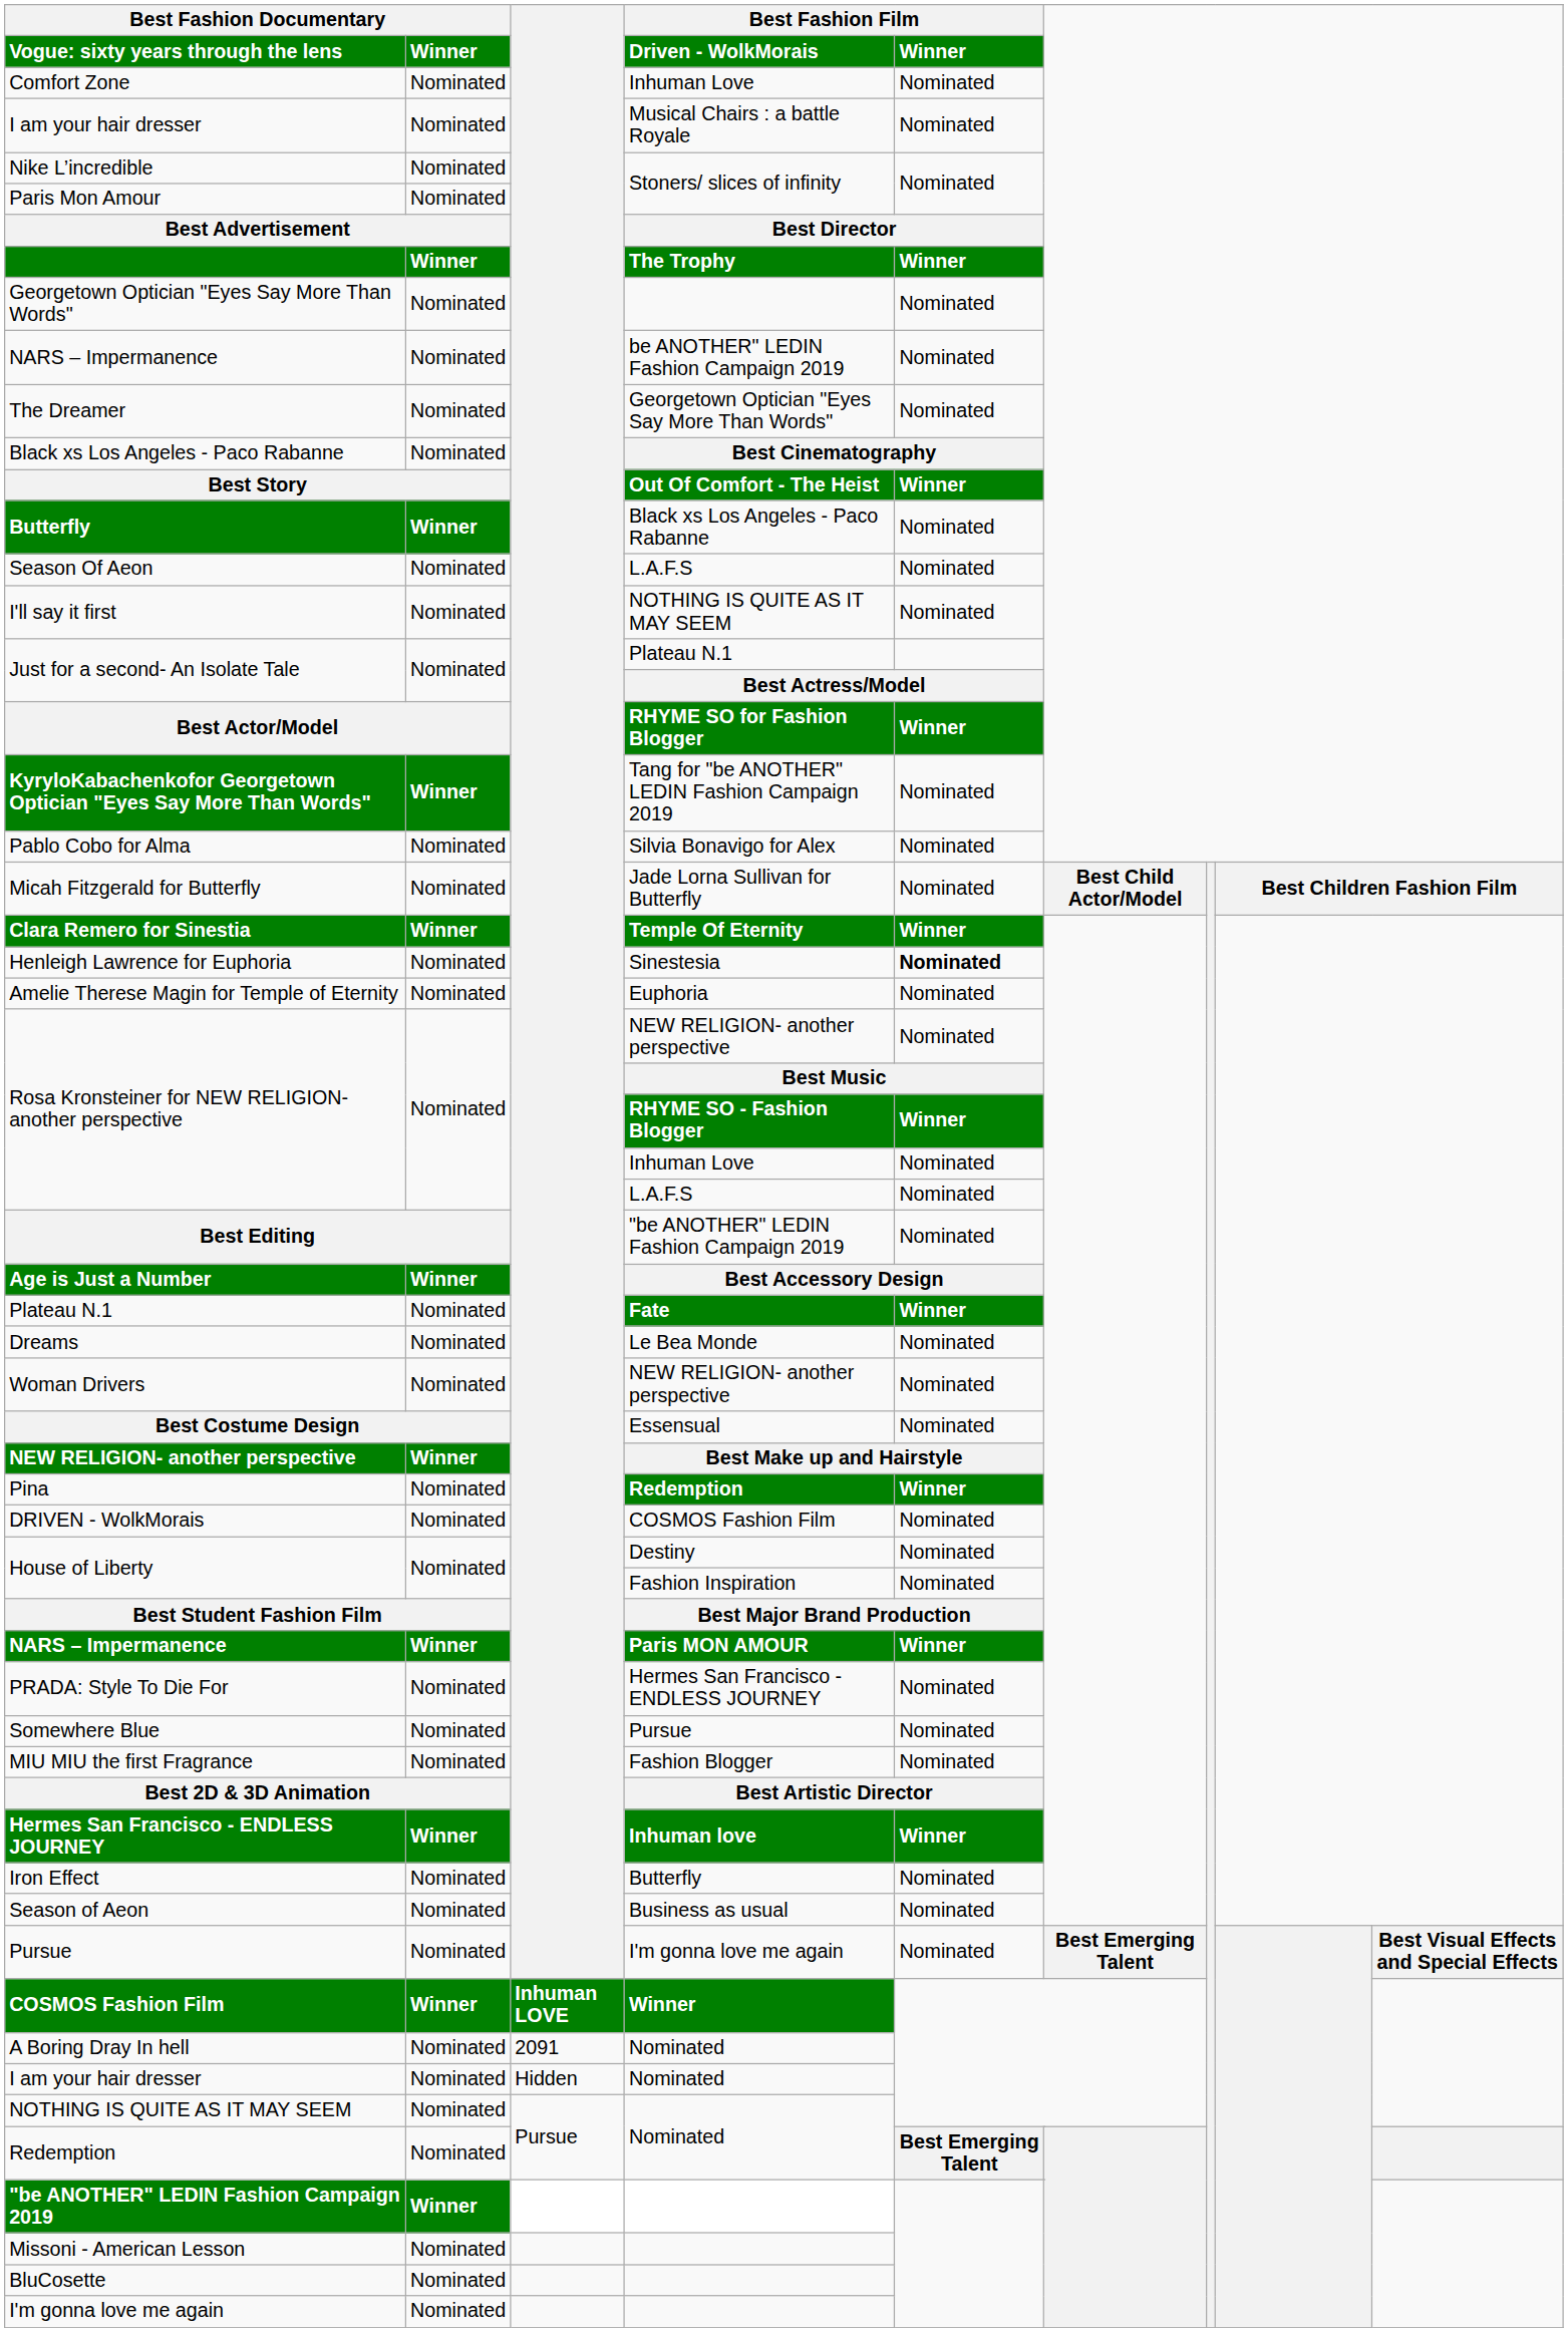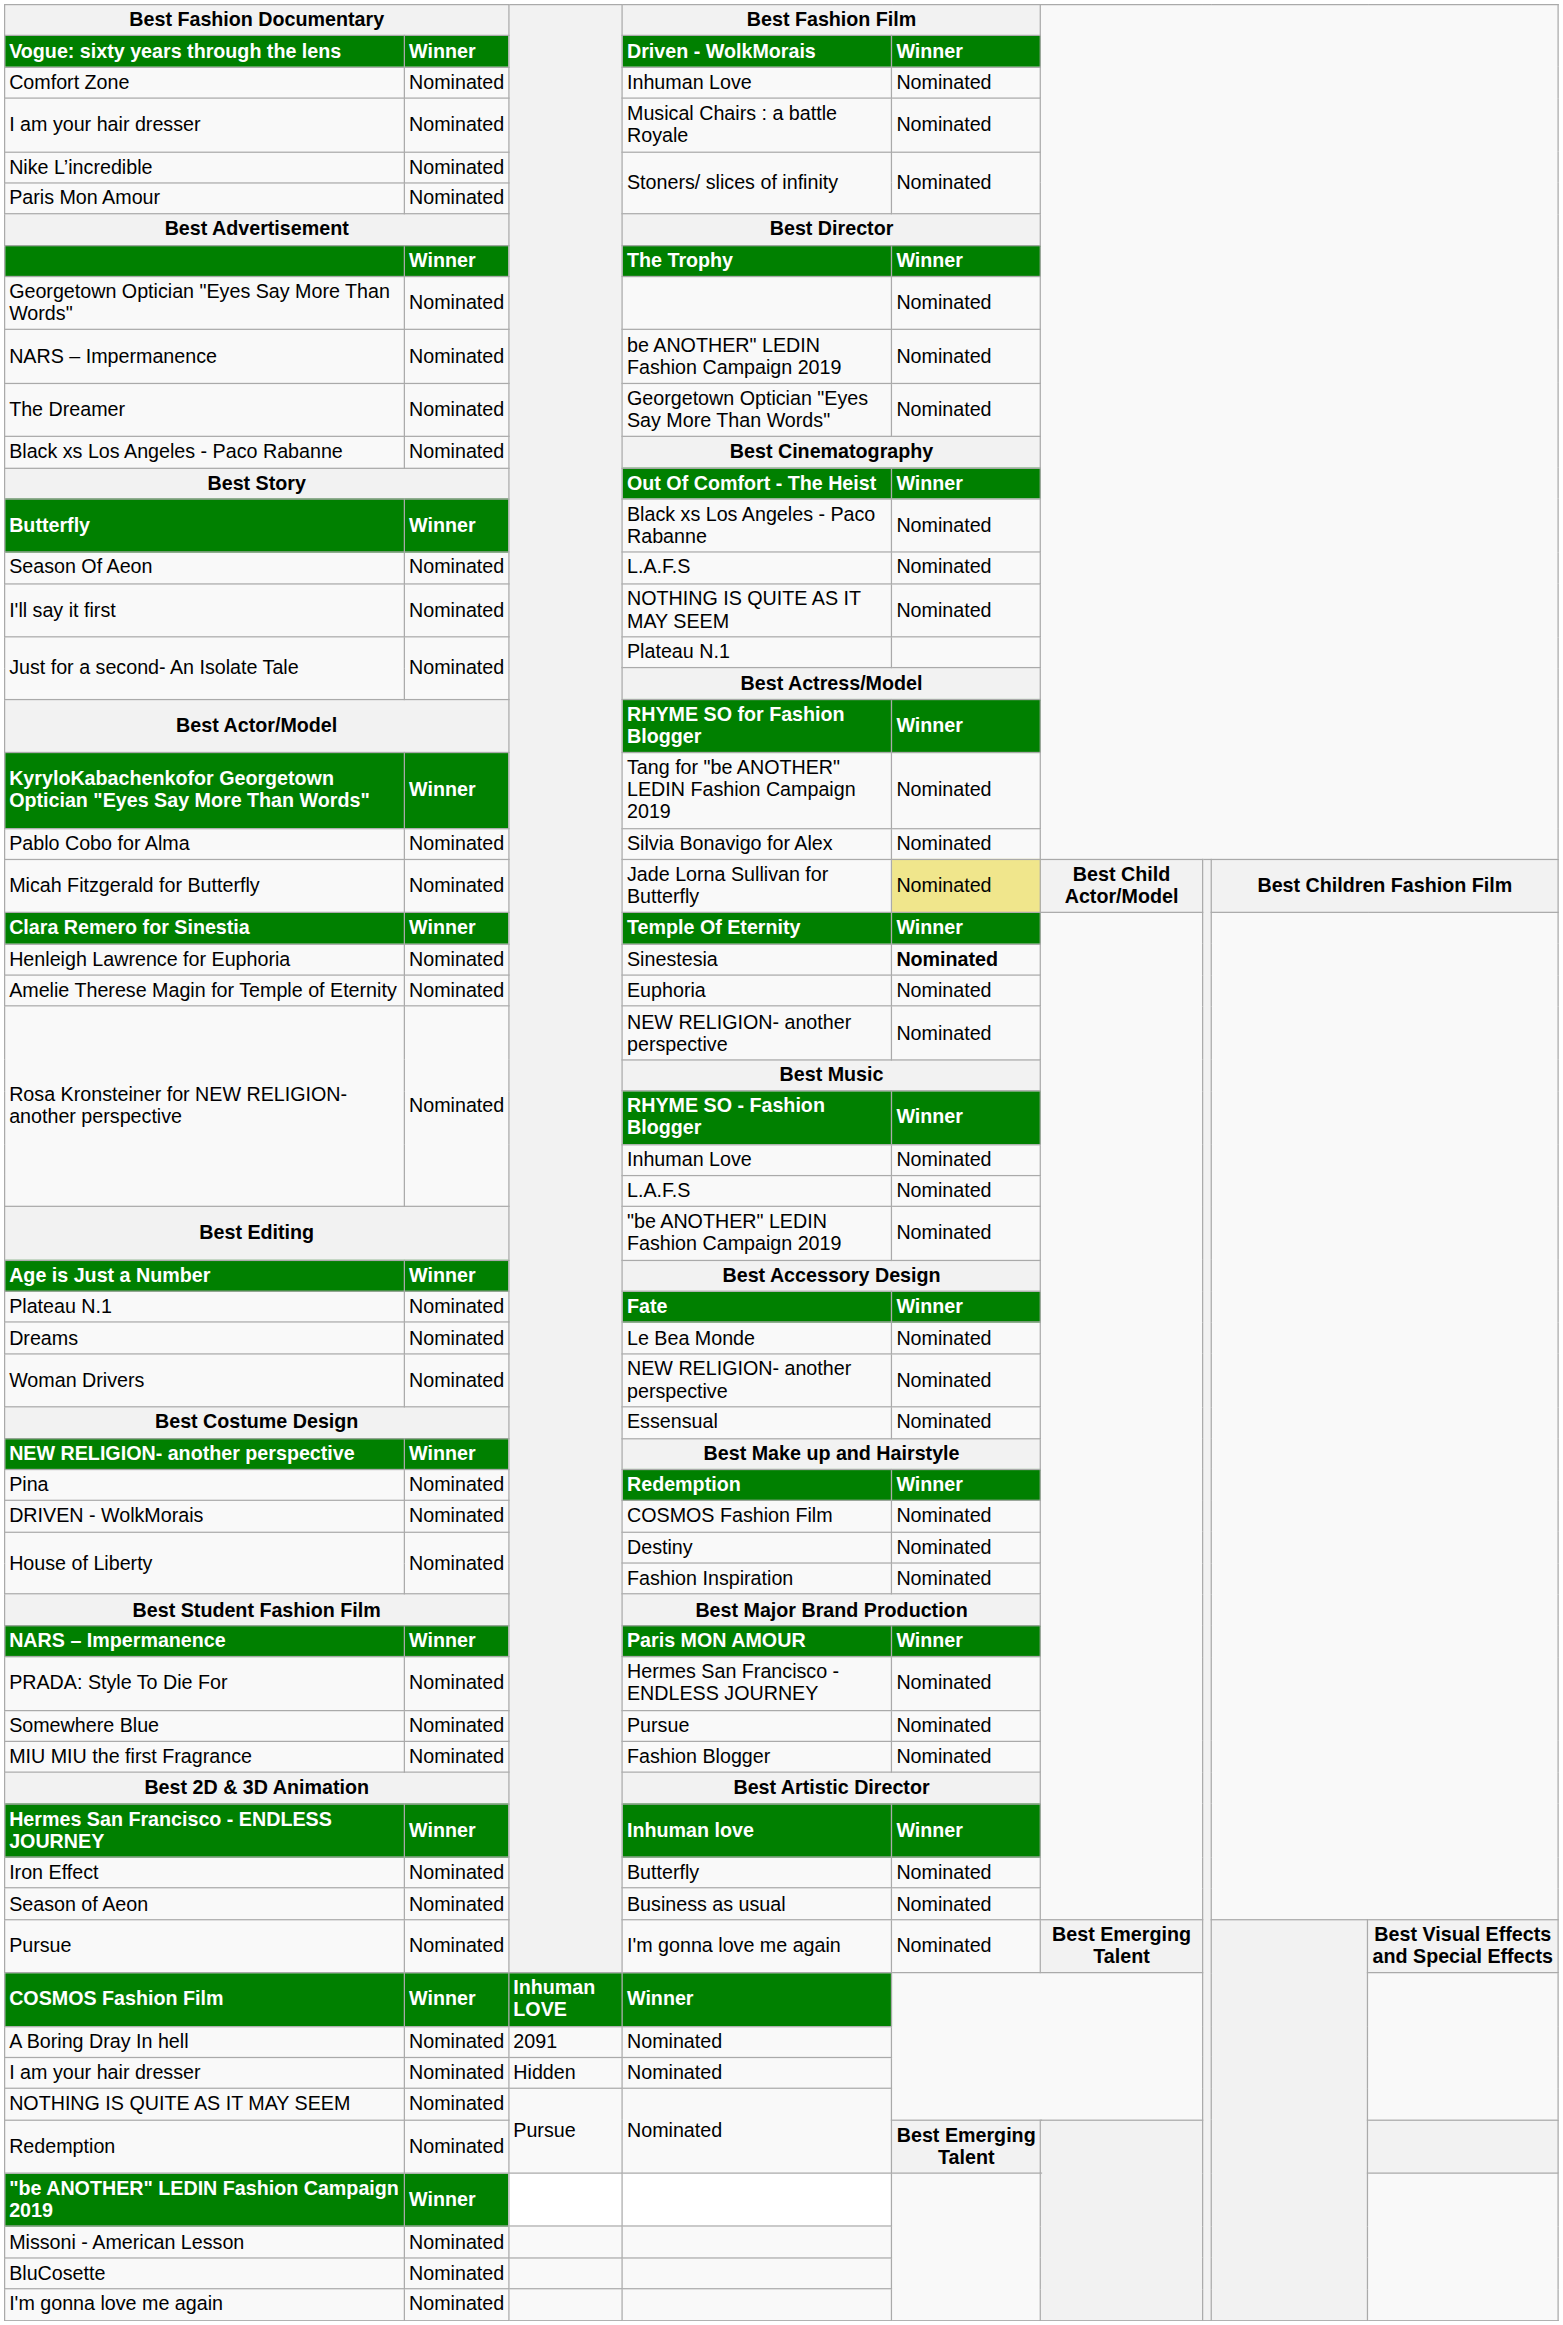 <table class="wikitable" style="width: 100%">
 <tr>
 <th colspan="2">Best Fashion Documentary</th>
 <th rowspan="51"></th>
 <th colspan="2">Best Fashion Film</th>
 </tr>
 <tr>
 <td style="background: green;color: white;"><strong>Vogue: sixty years through the lens</strong></td>
 <td style="background: green;color: white;"><strong>Winner</strong></td>
 <td style="background: green;color: white;"><strong>Driven - WolkMorais</strong></td>
 <td style="background: green;color: white;"><strong>Winner</strong></td>
 </tr>
 <tr>
 <td>Comfort Zone</td>
 <td>Nominated</td>
 <td>Inhuman Love</td>
 <td>Nominated</td>
 </tr>
 <tr>
 <td>I am your hair dresser</td>
 <td>Nominated</td>
 <td>Musical Chairs : a battle Royale</td>
 <td>Nominated</td>
 </tr>
 <tr>
 <td>Nike L’incredible</td>
 <td>Nominated</td>
 <td rowspan="2">Stoners/ slices of infinity</td>
 <td rowspan="2">Nominated</td>
 </tr>
 <tr>
 <td>Paris Mon Amour</td>
 <td>Nominated</td>
 </tr>
 <tr>
 <th colspan="2">Best Advertisement</th>
 <th colspan="2">Best Director</th>
 </tr>
 <tr>
 <td style="background: green;color: white;"><strong></strong></td>
 <td style="background: green;color: white;"><strong>Winner</strong></td>
 <td style="background: green;color: white;"><strong>The Trophy</strong></td>
 <td style="background: green;color: white;"><strong>Winner</strong></td>
 </tr>
 <tr>
 <td>Georgetown Optician "Eyes Say More Than Words"</td>
 <td>Nominated</td>
 <td></td>
 <td>Nominated</td>
 </tr>
 <tr>
 <td>NARS – Impermanence</td>
 <td>Nominated</td>
 <td>be ANOTHER" LEDIN Fashion Campaign 2019</td>
 <td>Nominated</td>
 </tr>
 <tr>
 <td>The Dreamer</td>
 <td>Nominated</td>
 <td>Georgetown Optician "Eyes Say More Than Words"</td>
 <td>Nominated</td>
 </tr>
 <tr>
 <td>Black xs Los Angeles - Paco Rabanne</td>
 <td>Nominated</td>
 <th colspan="2">Best Cinematography</th>
 </tr>
 <tr>
 <th colspan="2">Best Story</th>
 <td style="background: green;color: white;"><strong>Out Of Comfort - The Heist</strong></td>
 <td style="background: green;color: white;"><strong>Winner</strong></td>
 </tr>
 <tr>
 <td style="background: green;color: white;"><strong>Butterfly</strong></td>
 <td style="background: green;color: white;"><strong>Winner</strong></td>
 <td>Black xs Los Angeles - Paco Rabanne</td>
 <td>Nominated</td>
 </tr>
 <tr>
 <td>Season Of Aeon</td>
 <td>Nominated</td>
 <td>L.A.F.S</td>
 <td>Nominated</td>
 </tr>
 <tr>
 <td>I'll say it first</td>
 <td>Nominated</td>
 <td>NOTHING IS QUITE AS IT MAY SEEM</td>
 <td>Nominated</td>
 </tr>
 <tr>
 <td rowspan="2">Just for a second- An Isolate Tale</td>
 <td rowspan="2">Nominated</td>
 <td>Plateau N.1</td>
 <td></td>
 </tr>
 <tr>
 <th colspan="2">Best Actress/Model</th>
 </tr>
 <tr>
 <th colspan="2">Best Actor/Model</th>
 <td style="background: green;color: white;"><strong>RHYME SO for Fashion Blogger</strong></td>
 <td style="background: green;color: white;"><strong>Winner</strong></td>
 </tr>
 <tr>
 <td style="background: green;color: white;"><strong>KyryloKabachenkofor Georgetown Optician "Eyes Say More Than Words"</strong></td>
 <td style="background: green;color: white;"><strong>Winner</strong></td>
 <td>Tang for "be ANOTHER" LEDIN Fashion Campaign 2019</td>
 <td>Nominated</td>
 </tr>
 <tr>
 <td>Pablo Cobo for Alma</td>
 <td>Nominated</td>
 <td>Silvia Bonavigo for Alex</td>
 <td>Nominated</td>
 </tr>
 <tr>
 <td>Micah Fitzgerald for Butterfly</td>
 <td>Nominated</td>
 <td>Jade Lorna Sullivan for Butterfly</td>
-<td>Nominated</td>
+<td style="background: khaki;">Nominated</td>
 <th colspan="2">Best Child Actor/Model</th>
 <th rowspan="45"></th>
 <th colspan="2">Best Children Fashion Film</th>
 </tr>
 <tr>
 <td style="background: green;color: white;"><strong>Clara Remero for Sinestia</strong></td>
 <td style="background: green;color: white;"><strong>Winner</strong></td>
 <td style="background: green;color: white;"><strong>Temple Of Eternity</strong></td>
 <td style="background: green;color: white;"><strong>Winner</strong></td>
 </tr>
 <tr>
 <td>Henleigh Lawrence for Euphoria</td>
 <td>Nominated</td>
 <td>Sinestesia</td>
 <td><strong>Nominated</strong></td>
 </tr>
 <tr>
 <td>Amelie Therese Magin for Temple of Eternity</td>
 <td>Nominated</td>
 <td>Euphoria</td>
 <td>Nominated</td>
 </tr>
 <tr>
 <td rowspan="5">Rosa Kronsteiner for NEW RELIGION- another perspective</td>
 <td rowspan="5">Nominated</td>
 <td>NEW RELIGION- another perspective</td>
 <td>Nominated</td>
 </tr>
 <tr>
 <th colspan="2">Best Music</th>
 </tr>
 <tr>
 <td style="background: green;color: white;"><strong>RHYME SO - Fashion Blogger</strong></td>
 <td style="background: green;color: white;"><strong>Winner</strong></td>
 </tr>
 <tr>
 <td>Inhuman Love</td>
 <td>Nominated</td>
 </tr>
 <tr>
 <td>L.A.F.S</td>
 <td>Nominated</td>
 </tr>
 <tr>
 <th colspan="2">Best Editing</th>
 <td>"be ANOTHER" LEDIN Fashion Campaign 2019</td>
 <td>Nominated</td>
 </tr>
 <tr>
 <td style="background: green;color: white;"><strong>Age is Just a Number</strong></td>
 <td style="background: green;color: white;"><strong>Winner</strong></td>
 <th colspan="2">Best Accessory Design</th>
 </tr>
 <tr>
 <td>Plateau N.1</td>
 <td>Nominated</td>
 <td style="background: green;color: white;"><strong>Fate</strong></td>
 <td style="background: green;color: white;"><strong>Winner</strong></td>
 </tr>
 <tr>
 <td>Dreams</td>
 <td>Nominated</td>
 <td>Le Bea Monde</td>
 <td>Nominated</td>
 </tr>
 <tr>
 <td>Woman Drivers</td>
 <td>Nominated</td>
 <td>NEW RELIGION- another perspective</td>
 <td>Nominated</td>
 </tr>
 <tr>
 <th colspan="2">Best Costume Design</th>
 <td>Essensual</td>
 <td>Nominated</td>
 </tr>
 <tr>
 <td style="background: green;color: white;"><strong>NEW RELIGION- another perspective</strong></td>
 <td style="background: green;color: white;"><strong>Winner</strong></td>
 <th colspan="2">Best Make up and Hairstyle</th>
 </tr>
 <tr>
 <td>Pina</td>
 <td>Nominated</td>
 <td style="background: green;color: white;"><strong>Redemption</strong></td>
 <td style="background: green;color: white;"><strong>Winner</strong></td>
 </tr>
 <tr>
 <td>DRIVEN - WolkMorais</td>
 <td>Nominated</td>
 <td>COSMOS Fashion Film</td>
 <td>Nominated</td>
 </tr>
 <tr>
 <td rowspan="2">House of Liberty</td>
 <td rowspan="2">Nominated</td>
 <td>Destiny</td>
 <td>Nominated</td>
 </tr>
 <tr>
 <td>Fashion Inspiration</td>
 <td>Nominated</td>
 </tr>
 <tr>
 <th colspan="2">Best Student Fashion Film</th>
 <th colspan="2">Best Major Brand Production</th>
 </tr>
 <tr>
 <td style="background: green;color: white;"><strong>NARS – Impermanence</strong></td>
 <td style="background: green;color: white;"><strong>Winner</strong></td>
 <td style="background: green;color: white;"><strong>Paris MON AMOUR</strong></td>
 <td style="background: green;color: white;"><strong>Winner</strong></td>
 </tr>
 <tr>
 <td>PRADA: Style To Die For</td>
 <td>Nominated</td>
 <td>Hermes San Francisco - ENDLESS JOURNEY</td>
 <td>Nominated</td>
 </tr>
 <tr>
 <td>Somewhere Blue</td>
 <td>Nominated</td>
 <td>Pursue</td>
 <td>Nominated</td>
 </tr>
 <tr>
 <td>MIU MIU the first Fragrance</td>
 <td>Nominated</td>
 <td>Fashion Blogger</td>
 <td>Nominated</td>
 </tr>
 <tr>
 <th colspan="2">Best 2D & 3D Animation</th>
 <th colspan="2">Best Artistic Director</th>
 </tr>
 <tr>
 <td style="background: green;color: white;"><strong>Hermes San Francisco - ENDLESS JOURNEY</strong></td>
 <td style="background: green;color: white;"><strong>Winner</strong></td>
 <td style="background: green;color: white;"><strong>Inhuman love</strong></td>
 <td style="background: green;color: white;"><strong>Winner</strong></td>
 </tr>
 <tr>
 <td>Iron Effect</td>
 <td>Nominated</td>
 <td>Butterfly</td>
 <td>Nominated</td>
 </tr>
 <tr>
 <td>Season of Aeon</td>
 <td>Nominated</td>
 <td>Business as usual</td>
 <td>Nominated</td>
 </tr>
 <tr>
 <td>Pursue</td>
 <td>Nominated</td>
 <td>I'm gonna love me again</td>
 <td>Nominated</td>
 <th colspan="2">Best Emerging Talent</th>
 <th rowspan="46"></th>
 <th colspan="2">Best Visual Effects and Special Effects</th>
 </tr>
 <tr>
 <td style="background: green;color: white;"><strong>COSMOS Fashion Film</strong></td>
 <td style="background: green;color: white;"><strong>Winner</strong></td>
 <td style="background: green;color: white;"><strong>Inhuman LOVE</strong></td>
 <td style="background: green;color: white;"><strong>Winner</strong></td>
 </tr>
 <tr>
 <td>A Boring Dray In hell</td>
 <td>Nominated</td>
 <td>2091</td>
 <td>Nominated</td>
 </tr>
 <tr>
 <td>I am your hair dresser</td>
 <td>Nominated</td>
 <td>Hidden</td>
 <td>Nominated</td>
 </tr>
 <tr>
 <td>NOTHING IS QUITE AS IT MAY SEEM</td>
 <td>Nominated</td>
 <td rowspan="2">Pursue</td>
 <td rowspan="2">Nominated</td>
 </tr>
 <tr>
 <td>Redemption</td>
 <td>Nominated</td>
 <th colspan="2">Best Emerging Talent</th>
 <th rowspan="46"></th>
 <th colspan="2"></th>
 </tr>
 <tr>
 <td style="background: green;color: white;"><strong>"be ANOTHER" LEDIN Fashion Campaign 2019</strong></td>
 <td style="background: green;color: white;"><strong>Winner</strong></td>
 <td style="background: white;color: white;"></td>
 <td style="background: white;color: white;"></td>
 </tr>
 <tr>
 <td>Missoni - American Lesson</td>
 <td>Nominated</td>
 <td></td>
 <td></td>
 </tr>
 <tr>
 <td>BluCosette</td>
 <td>Nominated</td>
 <td></td>
 <td></td>
 </tr>
 <tr>
 <td>I'm gonna love me again</td>
 <td>Nominated</td>
 <td></td>
 <td></td>
 </tr>
 </table>
